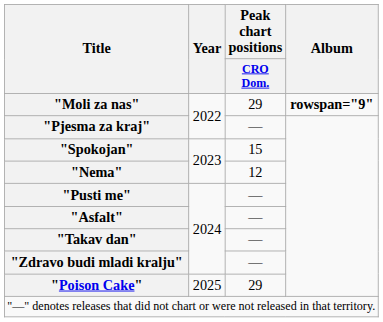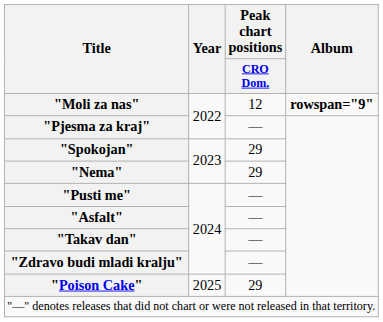 <table class="wikitable plainrowheaders" style="text-align:center;">
 <tr>
 <th scope="col" rowspan="2">Title</th>
 <th scope="col" rowspan="2">Year</th>
 <th scope="col" colspan="1">Peak chart positions</th>
 <th scope="col" rowspan="2">Album</th>
 </tr>
 <tr>
 <th scope="col" style="width:3em;font-size:85%;"><a href='#'>CRO<br>Dom.</a><br></th>
 </tr>
 <tr>
 <th scope="row">"Moli za nas"</th>
 <td rowspan="2">2022</td>
-<td>29</td>
+<td>12</td>
 <td><strong>rowspan="9" </strong></td>
 </tr>
 <tr>
 <th scope="row">"Pjesma za kraj"</th>
 <td>—</td>
 </tr>
 <tr>
 <th scope="row">"Spokojan"</th>
 <td rowspan="2">2023</td>
-<td>15</td>
+<td>29</td>
 </tr>
 <tr>
 <th scope="row">"Nema"</th>
-<td>12</td>
+<td>29</td>
 </tr>
 <tr>
 <th scope="row">"Pusti me"</th>
 <td rowspan="4">2024</td>
 <td>—</td>
 </tr>
 <tr>
 <th scope="row">"Asfalt"<br></th>
 <td>—</td>
 </tr>
 <tr>
 <th scope="row">"Takav dan"</th>
 <td>—</td>
 </tr>
 <tr>
 <th scope="row">"Zdravo budi mladi kralju"</th>
 <td>—</td>
 </tr>
 <tr>
 <th scope="row">"<a href='#'>Poison Cake</a>"</th>
 <td>2025</td>
 <td>29</td>
 </tr>
 <tr>
 <td colspan="22" style="text-align:center; font-size:85%;">"—" denotes releases that did not chart or were not released in that territory.</td>
 </tr>
 </table>
